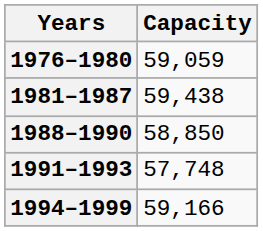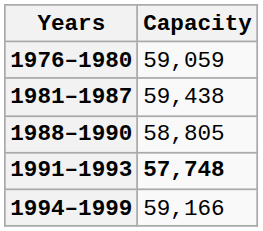 <table class="wikitable">
 <tr>
 <th scope="row">Years</th>
 <th scope="row">Capacity</th>
 </tr>
 <tr>
 <th scope="row">1976–1980</th>
 <td>59,059</td>
 </tr>
 <tr>
 <th scope="row">1981–1987</th>
 <td>59,438</td>
 </tr>
 <tr>
 <th scope="row">1988–1990</th>
-<td>58,850</td>
+<td>58,805</td>
 </tr>
 <tr>
 <th scope="row">1991–1993</th>
-<td>57,748</td>
+<td><strong>57,748</strong></td>
 </tr>
 <tr>
 <th scope="row">1994–1999</th>
 <td>59,166</td>
 </tr>
 </table>
